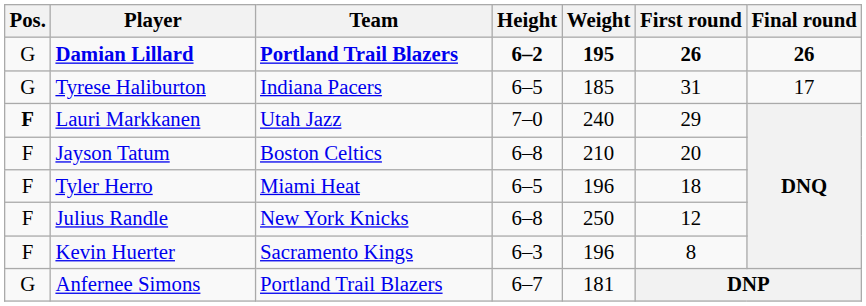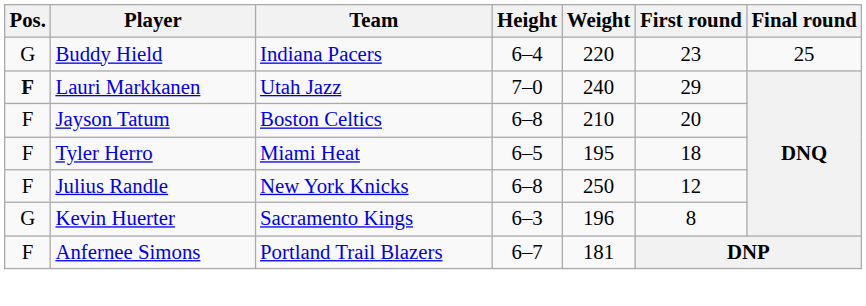 <table class="wikitable">
 <tr>
 <th>Pos.</th>
 <th style="width:150px;">Player</th>
 <th width=175>Team</th>
 <th>Height</th>
 <th>Weight</th>
 <th>First round</th>
 <th>Final round</th>
 </tr>
 <tr>
 <td style="text-align:center">G</td>
-<td><strong><a href='#'>Damian Lillard</a></strong></td>
-<td><strong><a href='#'>Portland Trail Blazers</a></strong></td>
-<td align="center"><strong>6–2</strong></td>
-<td align="center"><strong>195</strong></td>
-<td align="center"><strong>26</strong></td>
-<td style="text-align:center;"><strong>26</strong></td>
-</tr>
-<tr>
-<td style="text-align:center">G</td>
-<td><a href='#'>Tyrese Haliburton</a></td>
+<td><a href='#'>Buddy Hield</a></td>
 <td><a href='#'>Indiana Pacers</a></td>
-<td align=center>6–5</td>
-<td align=center>185</td>
-<td align=center>31</td>
-<td style="text-align:center;">17</td>
+<td align=center>6–4</td>
+<td align=center>220</td>
+<td align=center>23</td>
+<td style="text-align:center;">25</td>
 </tr>
 <tr>
 <td style="text-align:center"><strong>F</strong></td>
 <td><a href='#'>Lauri Markkanen</a></td>
 <td><a href='#'>Utah Jazz</a></td>
 <td align=center>7–0</td>
 <td align=center>240</td>
 <td align=center>29</td>
 <th rowspan="5" style="text-align:center;">DNQ</th>
 </tr>
 <tr>
 <td style="text-align:center">F</td>
 <td><a href='#'>Jayson Tatum</a></td>
 <td><a href='#'>Boston Celtics</a></td>
 <td align=center>6–8</td>
 <td align=center>210</td>
 <td align=center>20</td>
 </tr>
 <tr>
 <td style="text-align:center">F</td>
 <td><a href='#'>Tyler Herro</a></td>
 <td><a href='#'>Miami Heat</a></td>
 <td align=center>6–5</td>
-<td align=center>196</td>
+<td align=center>195</td>
 <td align=center>18</td>
 </tr>
 <tr>
 <td style="text-align:center">F</td>
 <td><a href='#'>Julius Randle</a></td>
 <td><a href='#'>New York Knicks</a></td>
 <td align=center>6–8</td>
 <td align=center>250</td>
 <td align=center>12</td>
 </tr>
 <tr>
-<td style="text-align:center">F</td>
+<td style="text-align:center">G</td>
 <td><a href='#'>Kevin Huerter</a></td>
 <td><a href='#'>Sacramento Kings</a></td>
 <td align=center>6–3</td>
 <td align=center>196</td>
 <td align=center>8</td>
 </tr>
 <tr>
-<td style="text-align:center">G</td>
+<td style="text-align:center">F</td>
 <td><a href='#'>Anfernee Simons</a></td>
 <td><a href='#'>Portland Trail Blazers</a></td>
 <td align=center>6–7</td>
 <td align=center>181</td>
 <th colspan="2" style="text-align:center;">DNP</th>
 </tr>
 </table>
